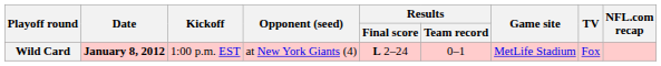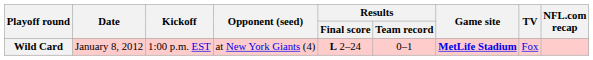 <table class="wikitable" "align=center">
 <tr>
 <th rowspan="2">Playoff round</th>
 <th rowspan="2">Date</th>
 <th rowspan="2">Kickoff</th>
 <th rowspan="2">Opponent (seed)</th>
 <th colspan="2">Results</th>
 <th rowspan="2">Game site</th>
 <th rowspan="2">TV</th>
 <th rowspan="2">NFL.com<br>recap</th>
 </tr>
 <tr>
 <th>Final score</th>
 <th>Team record</th>
 </tr>
 <tr style="background:#fcc">
 <th>Wild Card</th>
-<td style="text-align:center;"><strong>January 8, 2012</strong></td>
+<td style="text-align:center;">January 8, 2012</td>
 <td style="text-align:center;">1:00 p.m. <a href='#'>EST</a></td>
 <td style="text-align:center;">at <a href='#'>New York Giants</a> (4)</td>
 <td style="text-align:center;"><strong>L</strong> 2–24</td>
 <td style="text-align:center;">0–1</td>
-<td style="text-align:center;"><a href='#'>MetLife Stadium</a></td>
+<td style="text-align:center;"><strong><a href='#'>MetLife Stadium</a></strong></td>
 <td style="text-align:center;"><a href='#'>Fox</a></td>
 <td style="text-align:center;"></td>
 </tr>
 </table>
